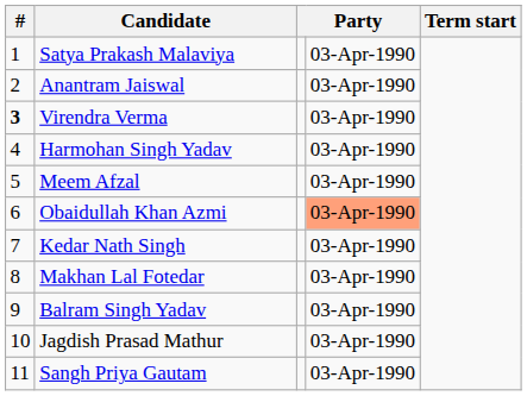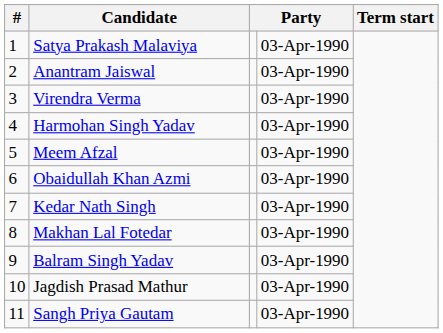 <table class="wikitable">
 <tr>
 <th>#</th>
 <th style="width:200px">Candidate</th>
 <th colspan="2">Party</th>
 <th>Term start</th>
 </tr>
 <tr>
 <td>1</td>
 <td><a href='#'>Satya Prakash Malaviya</a></td>
 <td></td>
 <td>03-Apr-1990</td>
 </tr>
 <tr>
 <td>2</td>
 <td><a href='#'>Anantram Jaiswal</a></td>
 <td></td>
 <td>03-Apr-1990</td>
 </tr>
 <tr>
-<td><strong>3</strong></td>
+<td>3</td>
 <td><a href='#'>Virendra Verma</a></td>
 <td></td>
 <td>03-Apr-1990</td>
 </tr>
 <tr>
 <td>4</td>
 <td><a href='#'>Harmohan Singh Yadav</a></td>
 <td></td>
 <td>03-Apr-1990</td>
 </tr>
 <tr>
 <td>5</td>
 <td><a href='#'>Meem Afzal</a></td>
 <td></td>
 <td>03-Apr-1990</td>
 </tr>
 <tr>
 <td>6</td>
 <td><a href='#'>Obaidullah Khan Azmi</a></td>
 <td></td>
-<td style="background: lightsalmon;">03-Apr-1990</td>
+<td>03-Apr-1990</td>
 </tr>
 <tr>
 <td>7</td>
 <td><a href='#'>Kedar Nath Singh</a></td>
 <td></td>
 <td>03-Apr-1990</td>
 </tr>
 <tr>
 <td>8</td>
 <td><a href='#'>Makhan Lal Fotedar</a></td>
 <td></td>
 <td>03-Apr-1990</td>
 </tr>
 <tr>
 <td>9</td>
 <td><a href='#'>Balram Singh Yadav</a></td>
 <td></td>
 <td>03-Apr-1990</td>
 </tr>
 <tr>
 <td>10</td>
 <td>Jagdish Prasad Mathur</td>
 <td></td>
 <td>03-Apr-1990</td>
 </tr>
 <tr>
 <td>11</td>
 <td><a href='#'>Sangh Priya Gautam</a></td>
 <td></td>
 <td>03-Apr-1990</td>
 </tr>
 </table>
